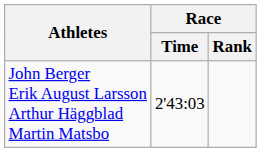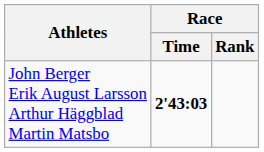 <table class="wikitable" border="1" style="font-size:90%">
 <tr>
 <th rowspan=2>Athletes</th>
 <th colspan=2>Race</th>
 </tr>
 <tr>
 <th>Time</th>
 <th>Rank</th>
 </tr>
 <tr>
 <td><a href='#'>John Berger</a><br><a href='#'>Erik August Larsson</a><br><a href='#'>Arthur Häggblad</a><br><a href='#'>Martin Matsbo</a></td>
-<td align=center>2'43:03</td>
+<td align=center><strong>2'43:03</strong></td>
 <td align=center></td>
 </tr>
 </table>
